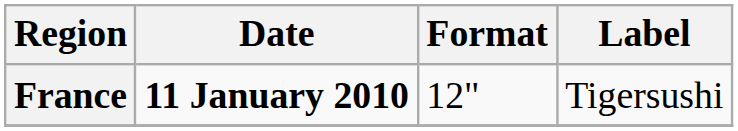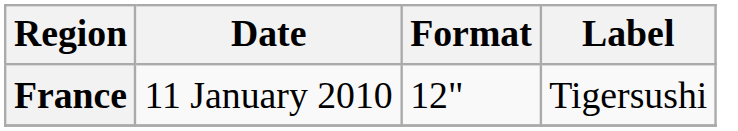 <table class="wikitable plainrowheaders unsortable">
 <tr>
 <th>Region</th>
 <th>Date</th>
 <th>Format</th>
 <th>Label</th>
 </tr>
 <tr>
 <th scope="row">France</th>
-<td><strong>11 January 2010</strong></td>
+<td>11 January 2010</td>
 <td>12"</td>
 <td>Tigersushi</td>
 </tr>
 <tr>
 </tr>
 </table>
